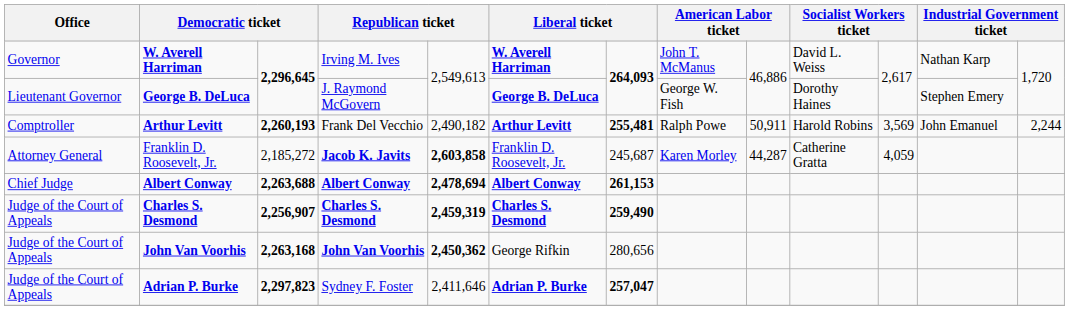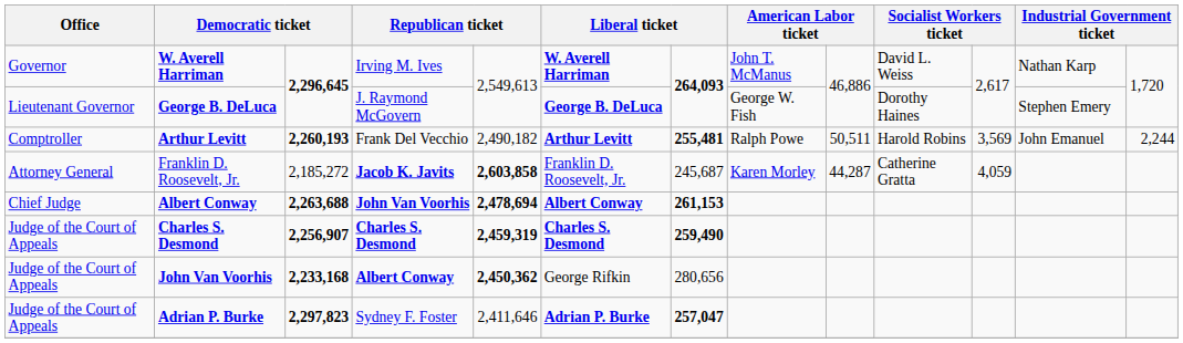 <table class=wikitable>
 <tr bgcolor=lightgrey>
 <th>Office</th>
 <th colspan="2" ><a href='#'>Democratic</a> ticket</th>
 <th colspan="2" ><a href='#'>Republican</a> ticket</th>
 <th colspan="2" ><a href='#'>Liberal</a> ticket</th>
 <th colspan="2" ><a href='#'>American Labor</a> ticket</th>
 <th colspan="2" ><a href='#'>Socialist Workers</a> ticket</th>
 <th colspan="2" ><a href='#'>Industrial Government</a> ticket</th>
 </tr>
 <tr>
 <td><a href='#'>Governor</a></td>
 <td><strong><a href='#'>W. Averell Harriman</a></strong></td>
 <td rowspan="2"><strong>2,296,645</strong></td>
 <td><a href='#'>Irving M. Ives</a></td>
 <td rowspan="2">2,549,613</td>
 <td><strong><a href='#'>W. Averell Harriman</a></strong></td>
 <td rowspan="2"><strong>264,093</strong></td>
 <td><a href='#'>John T. McManus</a></td>
 <td rowspan="2">46,886</td>
 <td>David L. Weiss</td>
 <td rowspan="2">2,617</td>
 <td>Nathan Karp</td>
 <td rowspan="2">1,720</td>
 </tr>
 <tr>
 <td><a href='#'>Lieutenant Governor</a></td>
 <td><strong><a href='#'>George B. DeLuca</a></strong></td>
 <td><a href='#'>J. Raymond McGovern</a></td>
 <td><strong><a href='#'>George B. DeLuca</a></strong></td>
 <td>George W. Fish</td>
 <td>Dorothy Haines</td>
 <td>Stephen Emery</td>
 </tr>
 <tr>
 <td><a href='#'>Comptroller</a></td>
 <td><strong><a href='#'>Arthur Levitt</a></strong></td>
 <td align="right"><strong>2,260,193</strong></td>
 <td>Frank Del Vecchio</td>
 <td align="right">2,490,182</td>
 <td><strong><a href='#'>Arthur Levitt</a></strong></td>
 <td align="right"><strong>255,481</strong></td>
 <td>Ralph Powe</td>
-<td align="right">50,911</td>
+<td align="right">50,511</td>
 <td>Harold Robins</td>
 <td align="right">3,569</td>
 <td>John Emanuel</td>
 <td align="right">2,244</td>
 </tr>
 <tr>
 <td><a href='#'>Attorney General</a></td>
 <td><a href='#'>Franklin D. Roosevelt, Jr.</a></td>
 <td align="right">2,185,272</td>
 <td><strong><a href='#'>Jacob K. Javits</a></strong></td>
 <td align="right"><strong>2,603,858</strong></td>
 <td><a href='#'>Franklin D. Roosevelt, Jr.</a></td>
 <td align="right">245,687</td>
 <td><a href='#'>Karen Morley</a></td>
 <td align="right">44,287</td>
 <td>Catherine Gratta</td>
 <td align="right">4,059</td>
 <td></td>
 <td></td>
 </tr>
 <tr>
 <td><a href='#'>Chief Judge</a></td>
 <td><strong><a href='#'>Albert Conway</a></strong></td>
 <td align="right"><strong>2,263,688</strong></td>
-<td><strong><a href='#'>Albert Conway</a></strong></td>
+<td><strong><a href='#'>John Van Voorhis</a></strong></td>
 <td align="right"><strong>2,478,694</strong></td>
 <td><strong><a href='#'>Albert Conway</a></strong></td>
 <td align="right"><strong>261,153</strong></td>
 <td></td>
 <td></td>
 <td></td>
 <td></td>
 <td></td>
 <td></td>
 </tr>
 <tr>
 <td><a href='#'>Judge of the Court of Appeals</a></td>
 <td><strong><a href='#'>Charles S. Desmond</a></strong></td>
 <td align="right"><strong>2,256,907</strong></td>
 <td><strong><a href='#'>Charles S. Desmond</a></strong></td>
 <td align="right"><strong>2,459,319</strong></td>
 <td><strong><a href='#'>Charles S. Desmond</a></strong></td>
 <td align="right"><strong>259,490</strong></td>
 <td></td>
 <td></td>
 <td></td>
 <td></td>
 <td></td>
 <td></td>
 </tr>
 <tr>
 <td><a href='#'>Judge of the Court of Appeals</a></td>
 <td><strong><a href='#'>John Van Voorhis</a></strong></td>
-<td align="right"><strong>2,263,168</strong></td>
-<td><strong><a href='#'>John Van Voorhis</a></strong></td>
+<td align="right"><strong>2,233,168</strong></td>
+<td><strong><a href='#'>Albert Conway</a></strong></td>
 <td align="right"><strong>2,450,362</strong></td>
 <td>George Rifkin</td>
 <td align="right">280,656</td>
 <td></td>
 <td></td>
 <td></td>
 <td></td>
 <td></td>
 <td></td>
 </tr>
 <tr>
 <td><a href='#'>Judge of the Court of Appeals</a></td>
 <td><strong><a href='#'>Adrian P. Burke</a></strong></td>
 <td align="right"><strong>2,297,823</strong></td>
 <td><a href='#'>Sydney F. Foster</a></td>
 <td align="right">2,411,646</td>
 <td><strong><a href='#'>Adrian P. Burke</a></strong></td>
 <td align="right"><strong>257,047</strong></td>
 <td></td>
 <td></td>
 <td></td>
 <td></td>
 <td></td>
 <td></td>
 </tr>
 <tr>
 </tr>
 </table>
